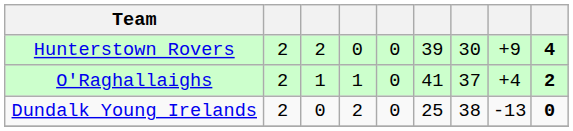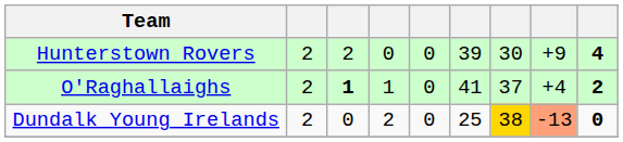 <table class="wikitable" style="text-align:center">
 <tr>
 <th style="width:175px;">Team</th>
 <th width="20"></th>
 <th width="20"></th>
 <th width="20"></th>
 <th width="20"></th>
 <th width="20"></th>
 <th width="20"></th>
 <th width="20"></th>
 <th width="20"></th>
 </tr>
 <tr style="background:#cfc;">
 <td><a href='#'>Hunterstown Rovers</a></td>
 <td>2</td>
 <td>2</td>
 <td>0</td>
 <td>0</td>
 <td>39</td>
 <td>30</td>
 <td>+9</td>
 <td><strong>4</strong></td>
 </tr>
 <tr style="background:#cfc;">
 <td><a href='#'>O'Raghallaighs</a></td>
 <td>2</td>
-<td>1</td>
+<td><strong>1</strong></td>
 <td>1</td>
 <td>0</td>
 <td>41</td>
 <td>37</td>
 <td>+4</td>
 <td><strong>2</strong></td>
 </tr>
 <tr>
 <td><a href='#'>Dundalk Young Irelands</a></td>
 <td>2</td>
 <td>0</td>
 <td>2</td>
 <td>0</td>
 <td>25</td>
-<td>38</td>
-<td>-13</td>
+<td style="background: gold;">38</td>
+<td style="background: lightsalmon;">-13</td>
 <td><strong>0</strong></td>
 </tr>
 <tr>
 </tr>
 </table>
